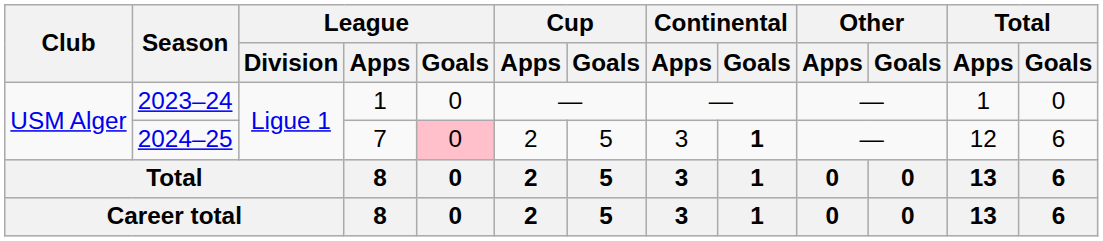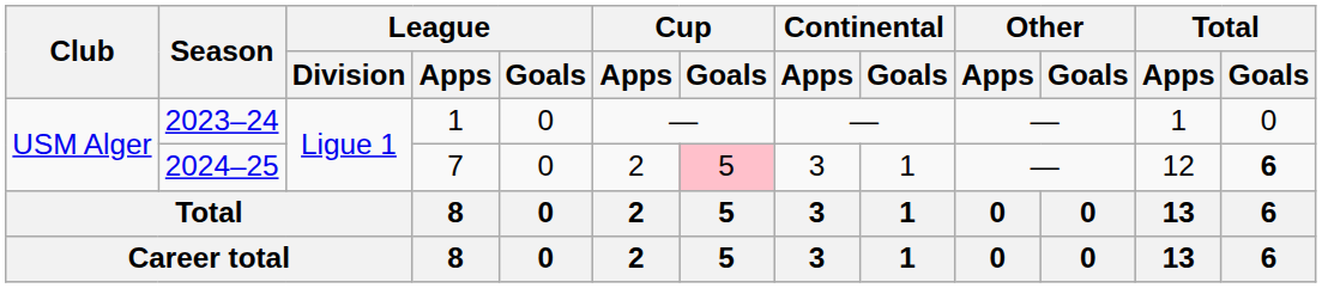 <table class="wikitable" style="text-align: center">
 <tr>
 <th rowspan="2">Club</th>
 <th rowspan="2">Season</th>
 <th colspan="3">League</th>
 <th colspan="2">Cup</th>
 <th colspan="2">Continental</th>
 <th colspan="2">Other</th>
 <th colspan="2">Total</th>
 </tr>
 <tr>
 <th>Division</th>
 <th>Apps</th>
 <th>Goals</th>
 <th>Apps</th>
 <th>Goals</th>
 <th>Apps</th>
 <th>Goals</th>
 <th>Apps</th>
 <th>Goals</th>
 <th>Apps</th>
 <th>Goals</th>
 </tr>
 <tr>
 <td rowspan=2 valign="center"><a href='#'>USM Alger</a></td>
 <td><a href='#'>2023–24</a></td>
 <td rowspan=2><a href='#'>Ligue 1</a></td>
 <td>1</td>
 <td>0</td>
 <td colspan=2>—</td>
 <td colspan=2>—</td>
 <td colspan=2>—</td>
 <td>1</td>
 <td>0</td>
 </tr>
 <tr>
 <td><a href='#'>2024–25</a></td>
 <td>7</td>
-<td style="background: pink;">0</td>
+<td>0</td>
 <td>2</td>
-<td>5</td>
+<td style="background: pink;">5</td>
 <td>3</td>
-<td><strong>1</strong></td>
+<td>1</td>
 <td colspan=2>—</td>
 <td>12</td>
-<td>6</td>
+<td><strong>6</strong></td>
 </tr>
 <tr>
 <th colspan="3">Total</th>
 <th>8</th>
 <th>0</th>
 <th>2</th>
 <th>5</th>
 <th>3</th>
 <th>1</th>
 <th>0</th>
 <th>0</th>
 <th>13</th>
 <th>6</th>
 </tr>
 <tr>
 <th colspan="3">Career total</th>
 <th>8</th>
 <th>0</th>
 <th>2</th>
 <th>5</th>
 <th>3</th>
 <th>1</th>
 <th>0</th>
 <th>0</th>
 <th>13</th>
 <th>6</th>
 </tr>
 </table>
